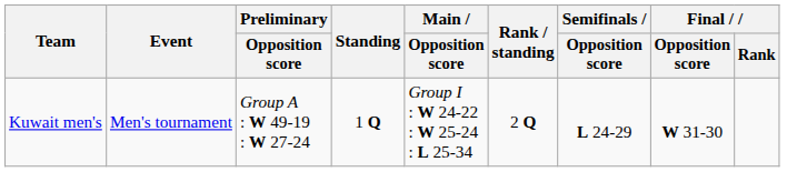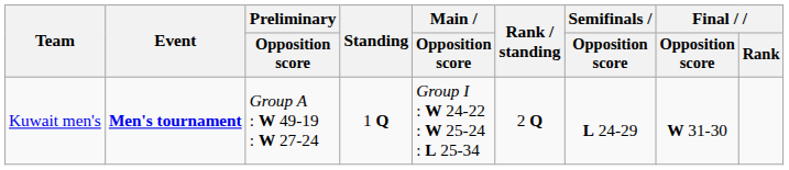 <table class=wikitable style=font-size:90%;text-align:center>
 <tr>
 <th rowspan=2>Team</th>
 <th rowspan=2>Event</th>
 <th>Preliminary</th>
 <th rowspan=2>Standing</th>
 <th>Main / </th>
 <th rowspan=2>Rank /<br> standing</th>
 <th>Semifinals / </th>
 <th colspan=2>Final /  / </th>
 </tr>
 <tr style="font-size:95%">
 <th>Opposition<br> score</th>
 <th>Opposition<br> score</th>
 <th>Opposition<br> score</th>
 <th>Opposition<br> score</th>
 <th>Rank</th>
 </tr>
 <tr>
 <td style="text-align:left"><a href='#'>Kuwait men's</a></td>
-<td style="text-align:left"><a href='#'>Men's tournament</a></td>
+<td style="text-align:left"><strong><a href='#'>Men's tournament</a></strong></td>
 <td style="text-align:left"><em>Group A</em><br>: <strong>W</strong> 49-19<br>: <strong>W</strong> 27-24</td>
 <td>1 <strong>Q</strong></td>
 <td style="text-align:left"><em>Group I</em><br>: <strong>W</strong> 24-22<br>: <strong>W</strong> 25-24<br>: <strong>L</strong> 25-34</td>
 <td>2 <strong>Q</strong></td>
 <td><br><strong>L</strong> 24-29</td>
 <td><br><strong>W</strong> 31-30</td>
 <td></td>
 </tr>
 </table>
